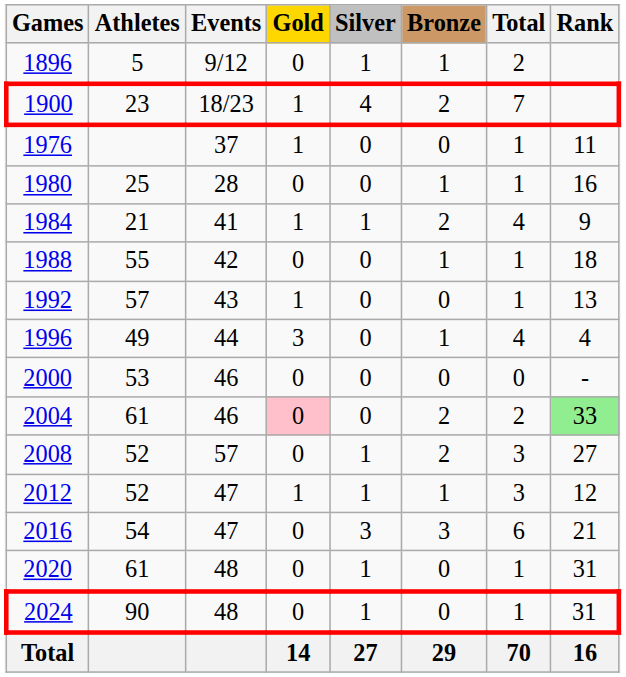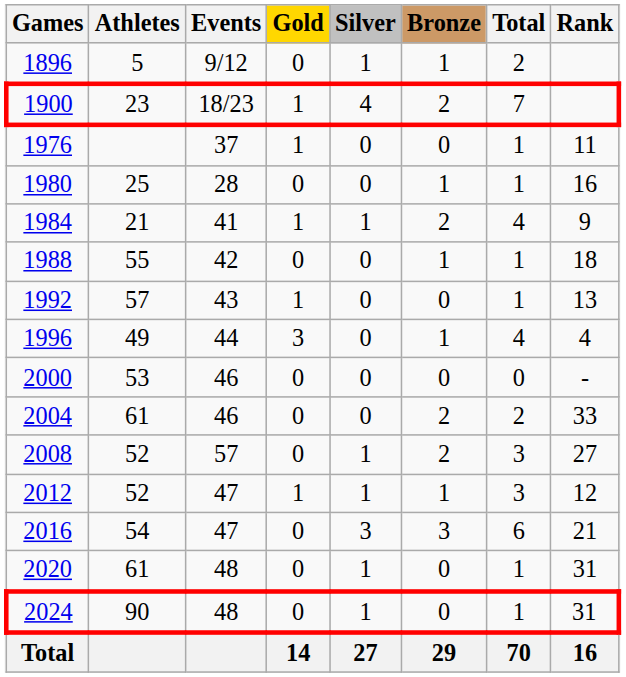 <table class="wikitable sortable" style="text-align:center">
 <tr>
 <th>Games</th>
 <th>Athletes</th>
 <th>Events</th>
 <th style="background-color:gold;">Gold</th>
 <th style="background-color:silver;">Silver</th>
 <th style="background-color:#c96;">Bronze</th>
 <th>Total</th>
 <th>Rank</th>
 </tr>
 <tr>
 <td><a href='#'>1896</a></td>
 <td>5</td>
 <td>9/12</td>
 <td>0</td>
 <td>1</td>
 <td>1</td>
 <td>2</td>
 </tr>
 <tr style="text-align:center; border: 3px solid red">
 <td><a href='#'>1900</a></td>
 <td>23</td>
 <td>18/23</td>
 <td>1</td>
 <td>4</td>
 <td>2</td>
 <td>7</td>
 </tr>
 <tr style="text-align:center">
 <td><a href='#'>1976</a></td>
 <td></td>
 <td>37</td>
 <td>1</td>
 <td>0</td>
 <td>0</td>
 <td>1</td>
 <td>11</td>
 </tr>
 <tr style="text-align:center">
 <td><a href='#'>1980</a></td>
 <td>25</td>
 <td>28</td>
 <td>0</td>
 <td>0</td>
 <td>1</td>
 <td>1</td>
 <td>16</td>
 </tr>
 <tr style="text-align:center">
 <td><a href='#'>1984</a></td>
 <td>21</td>
 <td>41</td>
 <td>1</td>
 <td>1</td>
 <td>2</td>
 <td>4</td>
 <td>9</td>
 </tr>
 <tr style="text-align:center">
 <td><a href='#'>1988</a></td>
 <td>55</td>
 <td>42</td>
 <td>0</td>
 <td>0</td>
 <td>1</td>
 <td>1</td>
 <td>18</td>
 </tr>
 <tr style="text-align:center">
 <td><a href='#'>1992</a></td>
 <td>57</td>
 <td>43</td>
 <td>1</td>
 <td>0</td>
 <td>0</td>
 <td>1</td>
 <td>13</td>
 </tr>
 <tr style="text-align:center">
 <td><a href='#'>1996</a></td>
 <td>49</td>
 <td>44</td>
 <td>3</td>
 <td>0</td>
 <td>1</td>
 <td>4</td>
 <td>4</td>
 </tr>
 <tr style="text-align:center">
 <td><a href='#'>2000</a></td>
 <td>53</td>
 <td>46</td>
 <td>0</td>
 <td>0</td>
 <td>0</td>
 <td>0</td>
 <td>-</td>
 </tr>
 <tr style="text-align:center">
 <td><a href='#'>2004</a></td>
 <td>61</td>
 <td>46</td>
-<td style="background: pink;">0</td>
+<td>0</td>
 <td>0</td>
 <td>2</td>
 <td>2</td>
-<td style="background: lightgreen;">33</td>
+<td>33</td>
 </tr>
 <tr style="text-align:center">
 <td><a href='#'>2008</a></td>
 <td>52</td>
 <td>57</td>
 <td>0</td>
 <td>1</td>
 <td>2</td>
 <td>3</td>
 <td>27</td>
 </tr>
 <tr style="text-align:center">
 <td><a href='#'>2012</a></td>
 <td>52</td>
 <td>47</td>
 <td>1</td>
 <td>1</td>
 <td>1</td>
 <td>3</td>
 <td>12</td>
 </tr>
 <tr style="text-align:center">
 <td><a href='#'>2016</a></td>
 <td>54</td>
 <td>47</td>
 <td>0</td>
 <td>3</td>
 <td>3</td>
 <td>6</td>
 <td>21</td>
 </tr>
 <tr style="text-align:center">
 <td><a href='#'>2020</a></td>
 <td>61</td>
 <td>48</td>
 <td>0</td>
 <td>1</td>
 <td>0</td>
 <td>1</td>
 <td>31</td>
 </tr>
 <tr style="text-align:center; border: 3px solid red">
 <td><a href='#'>2024</a></td>
 <td>90</td>
 <td>48</td>
 <td>0</td>
 <td>1</td>
 <td>0</td>
 <td>1</td>
 <td>31</td>
 </tr>
 <tr style="text-align:center; background-color">
 <th>Total</th>
 <th></th>
 <th></th>
 <th>14</th>
 <th>27</th>
 <th>29</th>
 <th>70</th>
 <th>16</th>
 </tr>
 </table>
